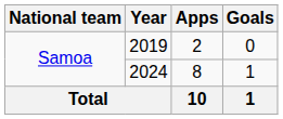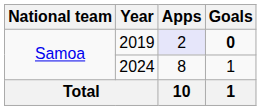 <table class="wikitable" style="text-align:center">
 <tr>
 <th>National team</th>
 <th>Year</th>
 <th>Apps</th>
 <th>Goals</th>
 </tr>
 <tr>
 <td rowspan="2"><a href='#'>Samoa</a></td>
 <td>2019</td>
-<td>2</td>
-<td>0</td>
+<td style="background: lavender;">2</td>
+<td><strong>0</strong></td>
 </tr>
 <tr>
 <td>2024</td>
 <td>8</td>
 <td>1</td>
 </tr>
 <tr>
 <th colspan=2>Total</th>
 <th>10</th>
 <th>1</th>
 </tr>
 </table>
